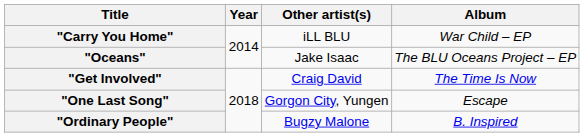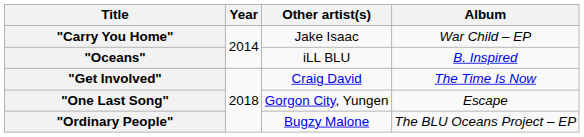 <table class="wikitable plainrowheaders" style="text-align:center;" border="1">
 <tr>
 <th scope="col" style="width:16em;">Title</th>
 <th scope="col" style="width:1em;">Year</th>
 <th scope="col">Other artist(s)</th>
 <th scope="col">Album</th>
 </tr>
 <tr>
 <th scope="row">"Carry You Home"</th>
 <td rowspan="2">2014</td>
-<td>iLL BLU</td>
+<td>Jake Isaac</td>
 <td><em>War Child – EP</em></td>
 </tr>
 <tr>
 <th scope="row">"Oceans"</th>
-<td>Jake Isaac</td>
-<td><em>The BLU Oceans Project – EP</em></td>
+<td>iLL BLU</td>
+<td><em><a href='#'>B. Inspired</a></em></td>
 </tr>
 <tr>
 <th scope="row">"Get Involved"</th>
 <td rowspan="3">2018</td>
 <td><a href='#'>Craig David</a></td>
 <td><em><a href='#'>The Time Is Now</a></em></td>
 </tr>
 <tr>
 <th scope="row">"One Last Song"</th>
 <td><a href='#'>Gorgon City</a>, Yungen</td>
 <td><em>Escape</em></td>
 </tr>
 <tr>
 <th scope="row">"Ordinary People"</th>
 <td><a href='#'>Bugzy Malone</a></td>
-<td><em><a href='#'>B. Inspired</a></em></td>
+<td><em>The BLU Oceans Project – EP</em></td>
 </tr>
 </table>
